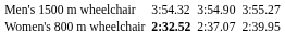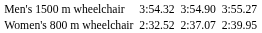 <table>
 <tr>
 <td>Men's 1500 m wheelchair</td>
 <td></td>
 <td>3:54.32</td>
 <td></td>
 <td>3:54.90</td>
 <td></td>
 <td>3:55.27</td>
 </tr>
 <tr>
 <td>Women's 800 m wheelchair</td>
 <td></td>
-<td><strong>2:32.52</strong></td>
+<td>2:32.52</td>
 <td></td>
 <td>2:37.07</td>
 <td></td>
 <td>2:39.95</td>
 </tr>
 </table>
